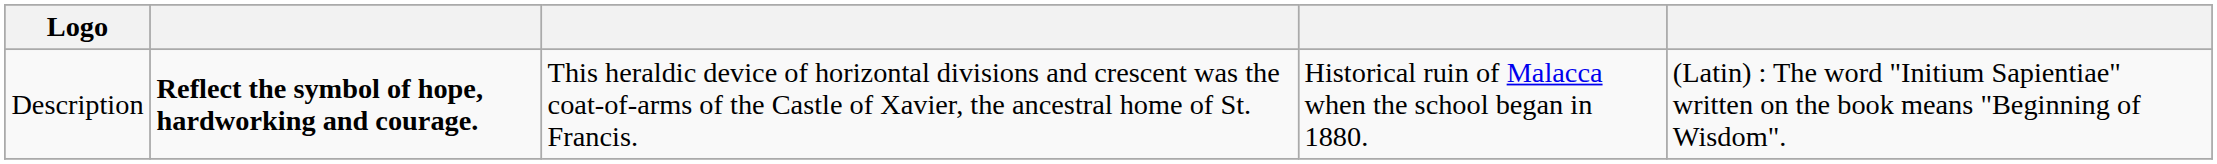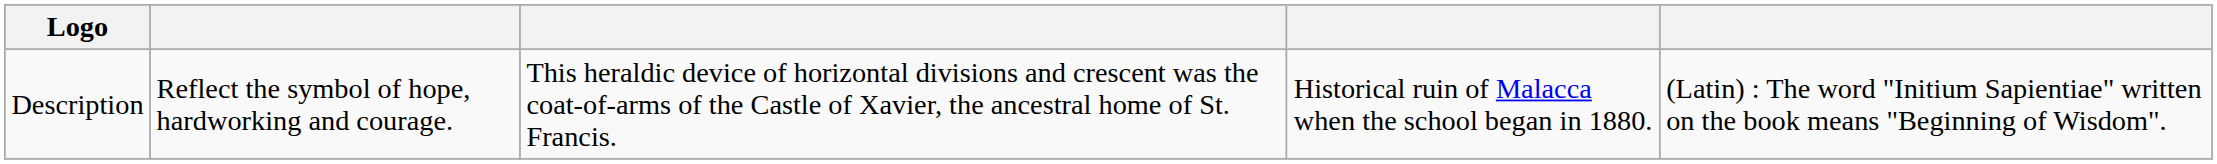 <table class="wikitable">
 <tr>
 <th>Logo</th>
 <th></th>
 <th></th>
 <th></th>
 <th></th>
 </tr>
 <tr>
 <td>Description</td>
-<td><strong>Reflect the symbol of hope, hardworking and courage.</strong></td>
+<td>Reflect the symbol of hope, hardworking and courage.</td>
 <td>This heraldic device of horizontal divisions and crescent was the coat-of-arms of the Castle of Xavier, the ancestral home of St. Francis.</td>
 <td>Historical ruin of <a href='#'>Malacca</a> when the school began in 1880.</td>
 <td>(Latin) : The word "Initium Sapientiae" written on the book means "Beginning of Wisdom".</td>
 </tr>
 </table>
